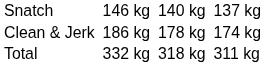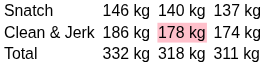 <table>
 <tr>
 <td>Snatch</td>
 <td></td>
 <td>146 kg</td>
 <td></td>
 <td>140 kg</td>
 <td></td>
 <td>137 kg</td>
 </tr>
 <tr>
 <td>Clean & Jerk</td>
 <td></td>
 <td>186 kg</td>
 <td></td>
-<td>178 kg</td>
+<td style="background: pink;">178 kg</td>
 <td></td>
 <td>174 kg</td>
 </tr>
 <tr>
 <td>Total</td>
 <td></td>
 <td>332 kg</td>
 <td></td>
 <td>318 kg</td>
 <td></td>
 <td>311 kg</td>
 </tr>
 </table>
